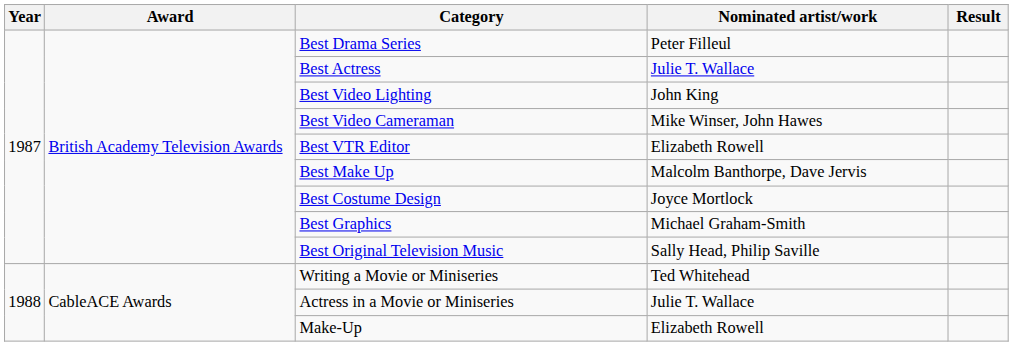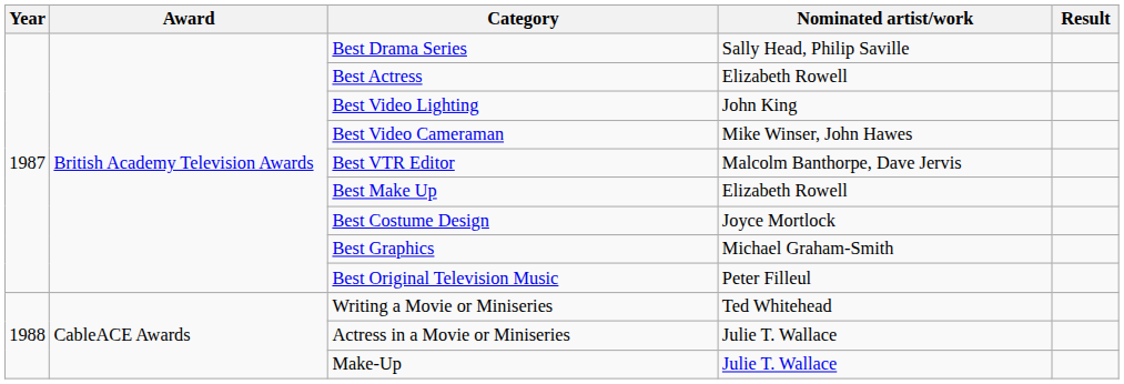 <table class="wikitable">
 <tr>
 <th style="width:04%;">Year</th>
 <th style="width:25%;">Award</th>
 <th style="width:35%;">Category</th>
 <th style="width:30%;">Nominated artist/work</th>
 <th style="width:10%;">Result</th>
 </tr>
 <tr>
 <td rowspan=9>1987</td>
 <td rowspan=9><a href='#'>British Academy Television Awards</a></td>
 <td><a href='#'>Best Drama Series</a></td>
-<td>Peter Filleul</td>
+<td>Sally Head, Philip Saville</td>
 <td></td>
 </tr>
 <tr>
 <td><a href='#'>Best Actress</a></td>
-<td><a href='#'>Julie T. Wallace</a></td>
+<td>Elizabeth Rowell</td>
 <td></td>
 </tr>
 <tr>
 <td><a href='#'>Best Video Lighting</a></td>
 <td>John King</td>
 <td></td>
 </tr>
 <tr>
 <td><a href='#'>Best Video Cameraman</a></td>
 <td>Mike Winser, John Hawes</td>
 <td></td>
 </tr>
 <tr>
 <td><a href='#'>Best VTR Editor</a></td>
-<td>Elizabeth Rowell</td>
+<td>Malcolm Banthorpe, Dave Jervis</td>
 <td></td>
 </tr>
 <tr>
 <td><a href='#'>Best Make Up</a></td>
-<td>Malcolm Banthorpe, Dave Jervis</td>
+<td>Elizabeth Rowell</td>
 <td></td>
 </tr>
 <tr>
 <td><a href='#'>Best Costume Design</a></td>
 <td>Joyce Mortlock</td>
 <td></td>
 </tr>
 <tr>
 <td><a href='#'>Best Graphics</a></td>
 <td>Michael Graham-Smith</td>
 <td></td>
 </tr>
 <tr>
 <td><a href='#'>Best Original Television Music</a></td>
-<td>Sally Head, Philip Saville</td>
+<td>Peter Filleul</td>
 <td></td>
 </tr>
 <tr>
 <td rowspan=3>1988</td>
 <td rowspan=3>CableACE Awards</td>
 <td>Writing a Movie or Miniseries</td>
 <td>Ted Whitehead</td>
 <td></td>
 </tr>
 <tr>
 <td>Actress in a Movie or Miniseries</td>
 <td>Julie T. Wallace</td>
 <td></td>
 </tr>
 <tr>
 <td>Make-Up</td>
-<td>Elizabeth Rowell</td>
+<td><a href='#'>Julie T. Wallace</a></td>
 <td></td>
 </tr>
 </table>
